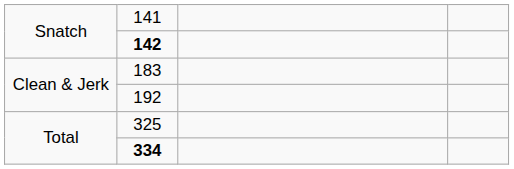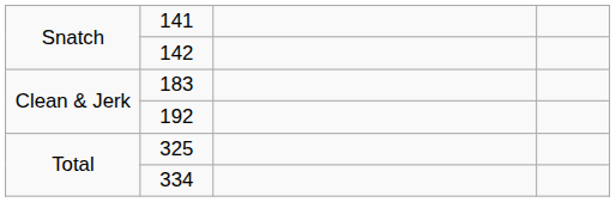 <table class = "wikitable" style="text-align:center;">
 <tr>
 <td width=100 rowspan=2>Snatch</td>
 <td width=50>141</td>
 <td width=250 align=left></td>
 <td width=50></td>
 </tr>
 <tr>
-<td><strong>142</strong></td>
+<td>142</td>
 <td align=left></td>
 <td></td>
 </tr>
 <tr>
 <td rowspan=2>Clean & Jerk</td>
 <td>183</td>
 <td align=left></td>
 <td></td>
 </tr>
 <tr>
 <td>192</td>
 <td align=left></td>
 <td></td>
 </tr>
 <tr>
 <td rowspan=2>Total</td>
 <td>325</td>
 <td align=left></td>
 <td></td>
 </tr>
 <tr>
-<td><strong>334</strong></td>
+<td>334</td>
 <td align=left></td>
 <td></td>
 </tr>
 </table>
